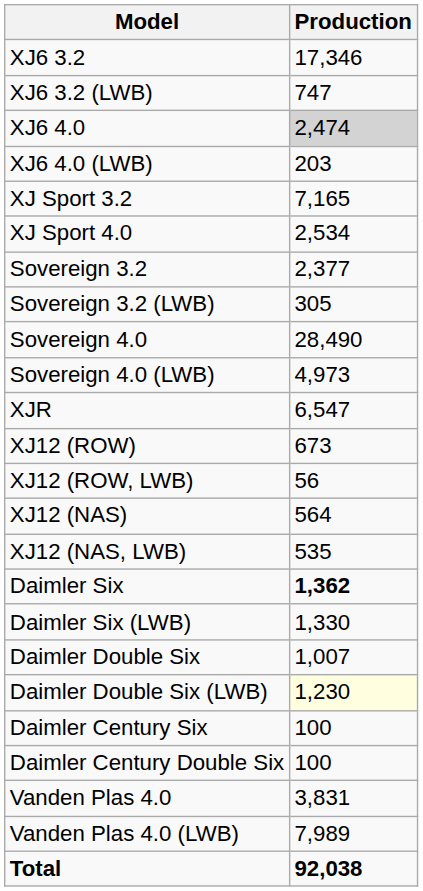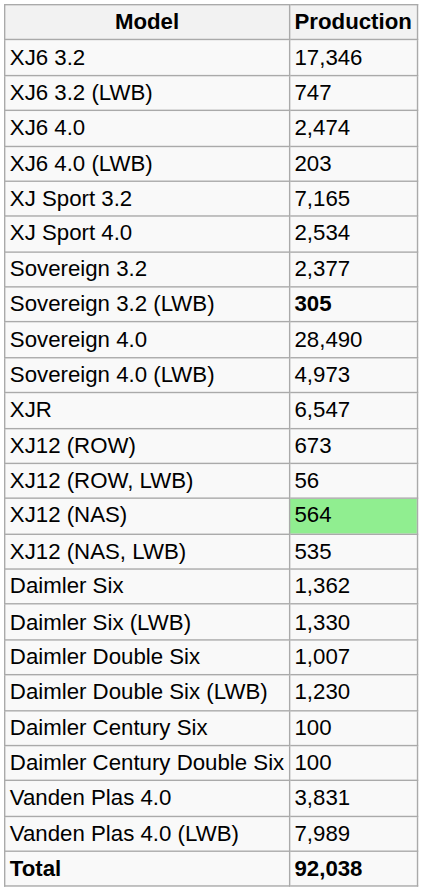 <table class="wikitable">
 <tr>
 <th>Model</th>
 <th>Production</th>
 </tr>
 <tr>
 <td>XJ6 3.2</td>
 <td>17,346</td>
 </tr>
 <tr>
 <td>XJ6 3.2 (LWB)</td>
 <td>747</td>
 </tr>
 <tr>
 <td>XJ6 4.0</td>
-<td style="background: lightgrey;">2,474</td>
+<td>2,474</td>
 </tr>
 <tr>
 <td>XJ6 4.0 (LWB)</td>
 <td>203</td>
 </tr>
 <tr>
 <td>XJ Sport 3.2</td>
 <td>7,165</td>
 </tr>
 <tr>
 <td>XJ Sport 4.0</td>
 <td>2,534</td>
 </tr>
 <tr>
 <td>Sovereign 3.2</td>
 <td>2,377</td>
 </tr>
 <tr>
 <td>Sovereign 3.2 (LWB)</td>
-<td>305</td>
+<td><strong>305</strong></td>
 </tr>
 <tr>
 <td>Sovereign 4.0</td>
 <td>28,490</td>
 </tr>
 <tr>
 <td>Sovereign 4.0 (LWB)</td>
 <td>4,973</td>
 </tr>
 <tr>
 <td>XJR</td>
 <td>6,547</td>
 </tr>
 <tr>
 <td>XJ12 (ROW)</td>
 <td>673</td>
 </tr>
 <tr>
 <td>XJ12 (ROW, LWB)</td>
 <td>56</td>
 </tr>
 <tr>
 <td>XJ12 (NAS)</td>
-<td>564</td>
+<td style="background: lightgreen;">564</td>
 </tr>
 <tr>
 <td>XJ12 (NAS, LWB)</td>
 <td>535</td>
 </tr>
 <tr>
 <td>Daimler Six</td>
-<td><strong>1,362</strong></td>
+<td>1,362</td>
 </tr>
 <tr>
 <td>Daimler Six (LWB)</td>
 <td>1,330</td>
 </tr>
 <tr>
 <td>Daimler Double Six</td>
 <td>1,007</td>
 </tr>
 <tr>
 <td>Daimler Double Six (LWB)</td>
-<td style="background: lightyellow;">1,230</td>
+<td>1,230</td>
 </tr>
 <tr>
 <td>Daimler Century Six</td>
 <td>100</td>
 </tr>
 <tr>
 <td>Daimler Century Double Six</td>
 <td>100</td>
 </tr>
 <tr>
 <td>Vanden Plas 4.0</td>
 <td>3,831</td>
 </tr>
 <tr>
 <td>Vanden Plas 4.0 (LWB)</td>
 <td>7,989</td>
 </tr>
 <tr>
 <td><strong>Total</strong></td>
 <td><strong>92,038</strong></td>
 </tr>
 </table>
